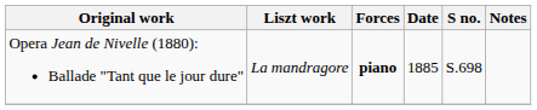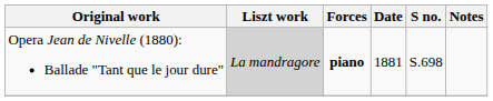 <table class="wikitable">
 <tr>
 <th>Original work</th>
 <th>Liszt work</th>
 <th>Forces</th>
 <th>Date</th>
 <th>S no.</th>
 <th>Notes</th>
 </tr>
 <tr>
 <td>Opera <em>Jean de Nivelle</em> (1880):<br><ul><li>Ballade "Tant que le jour dure"</li></ul></td>
-<td><em>La mandragore</em></td>
+<td style="background: lightgrey;"><em>La mandragore</em></td>
 <td style="text-align: center"><strong>piano</strong></td>
-<td>1885</td>
+<td>1881</td>
 <td>S.698</td>
 <td></td>
 </tr>
 <tr>
 </tr>
 </table>
